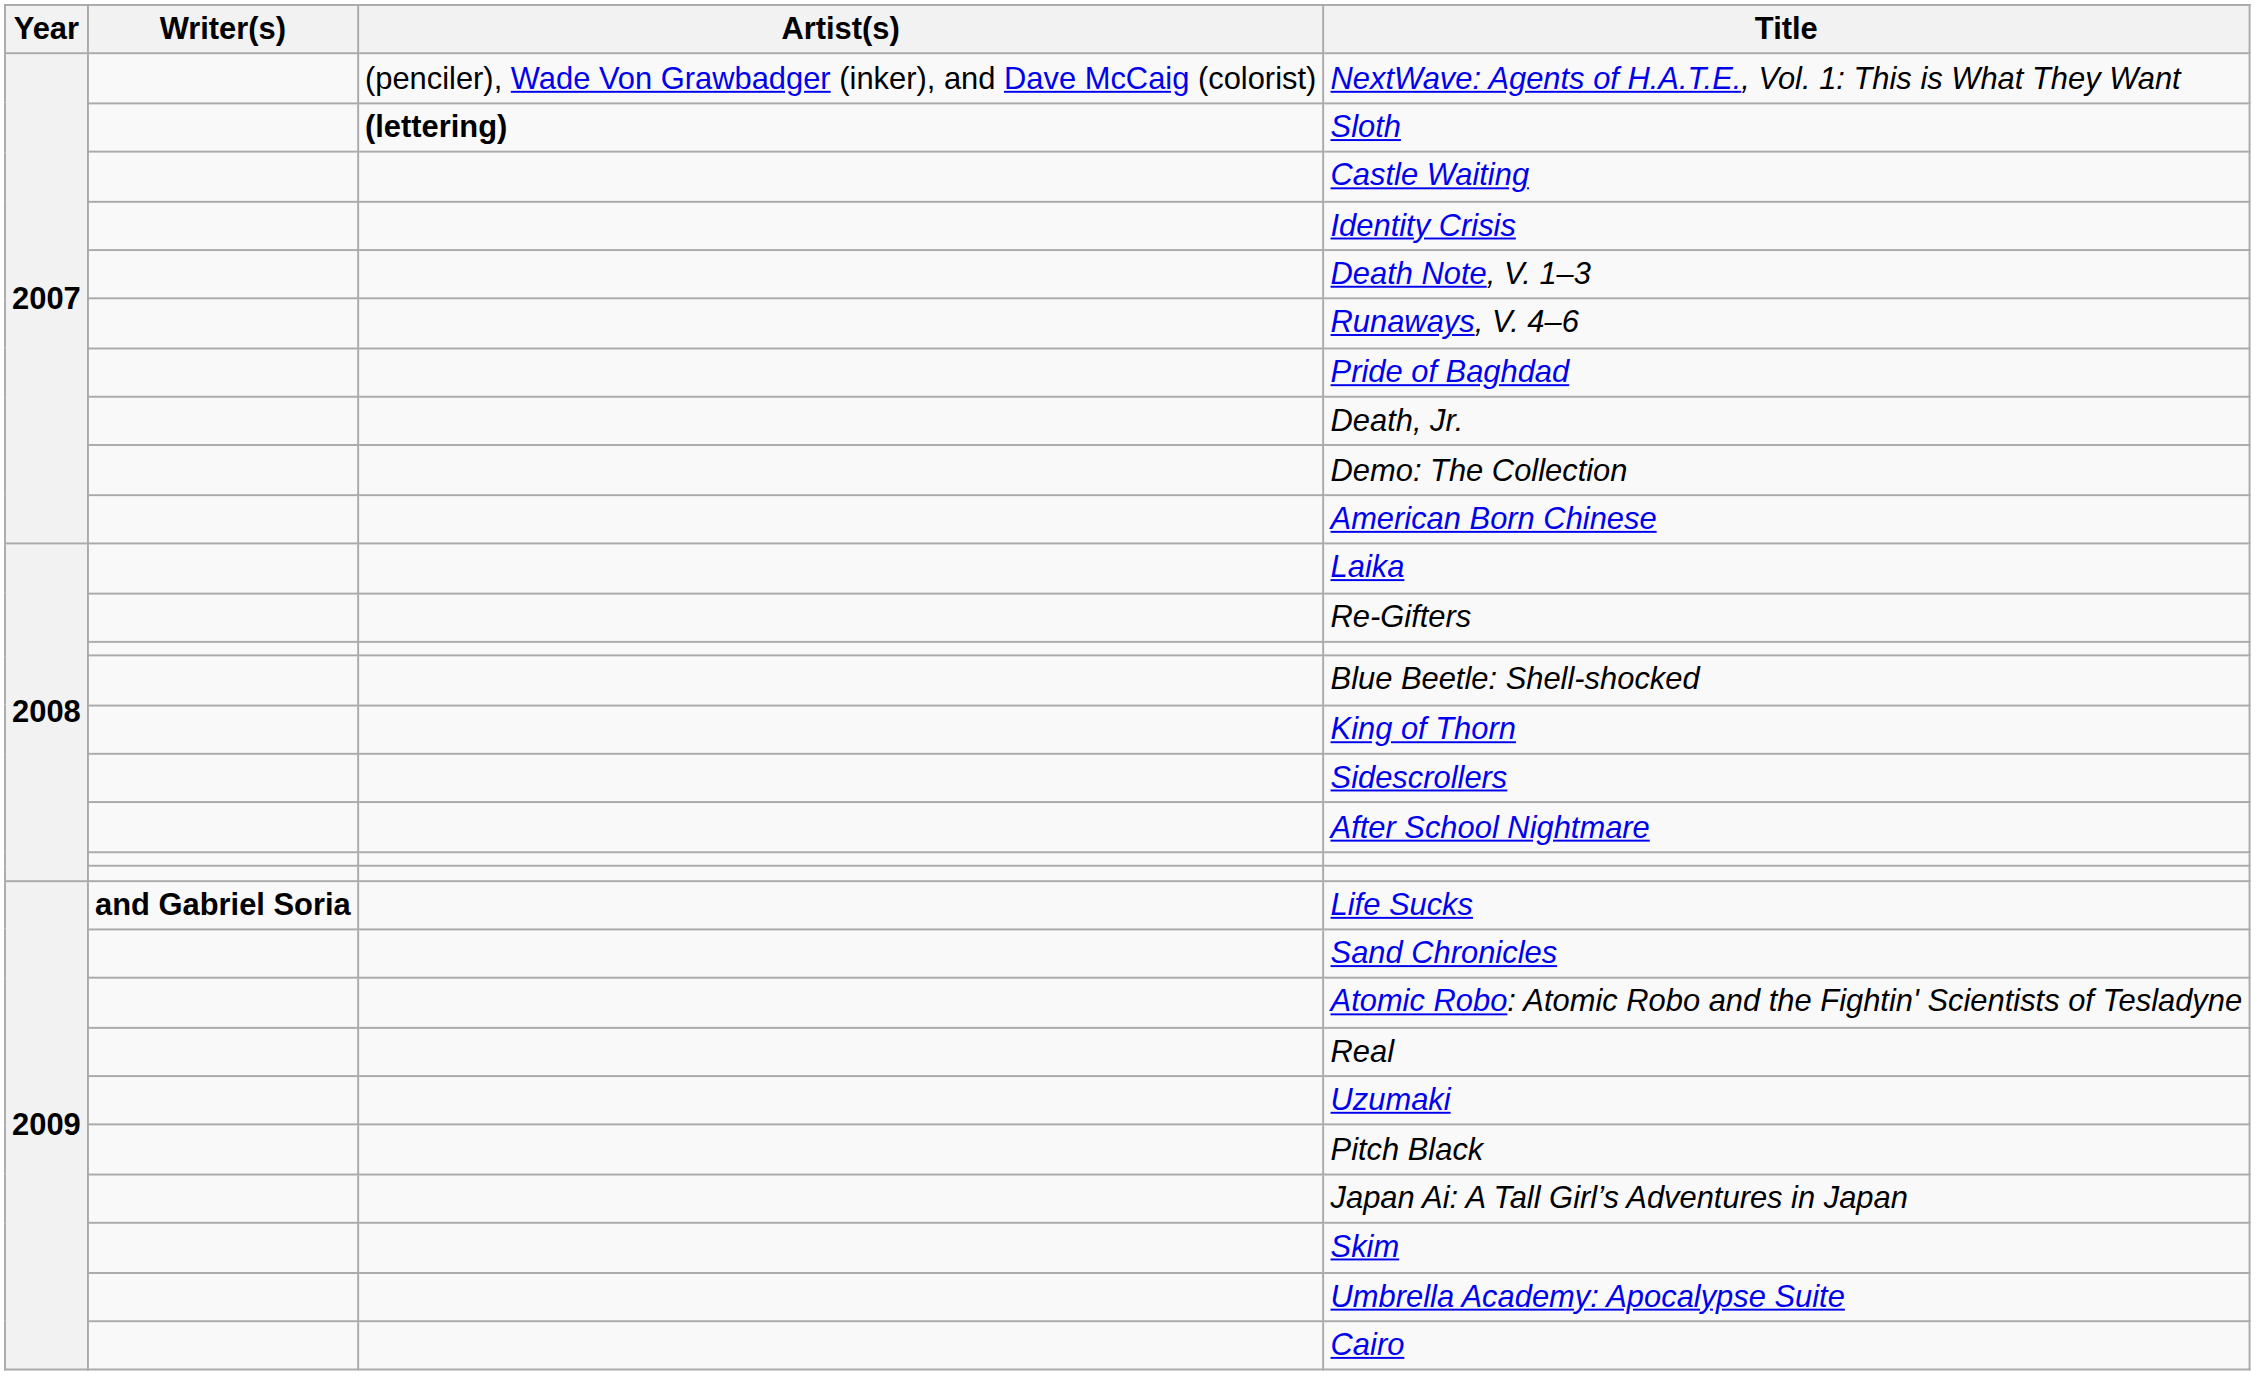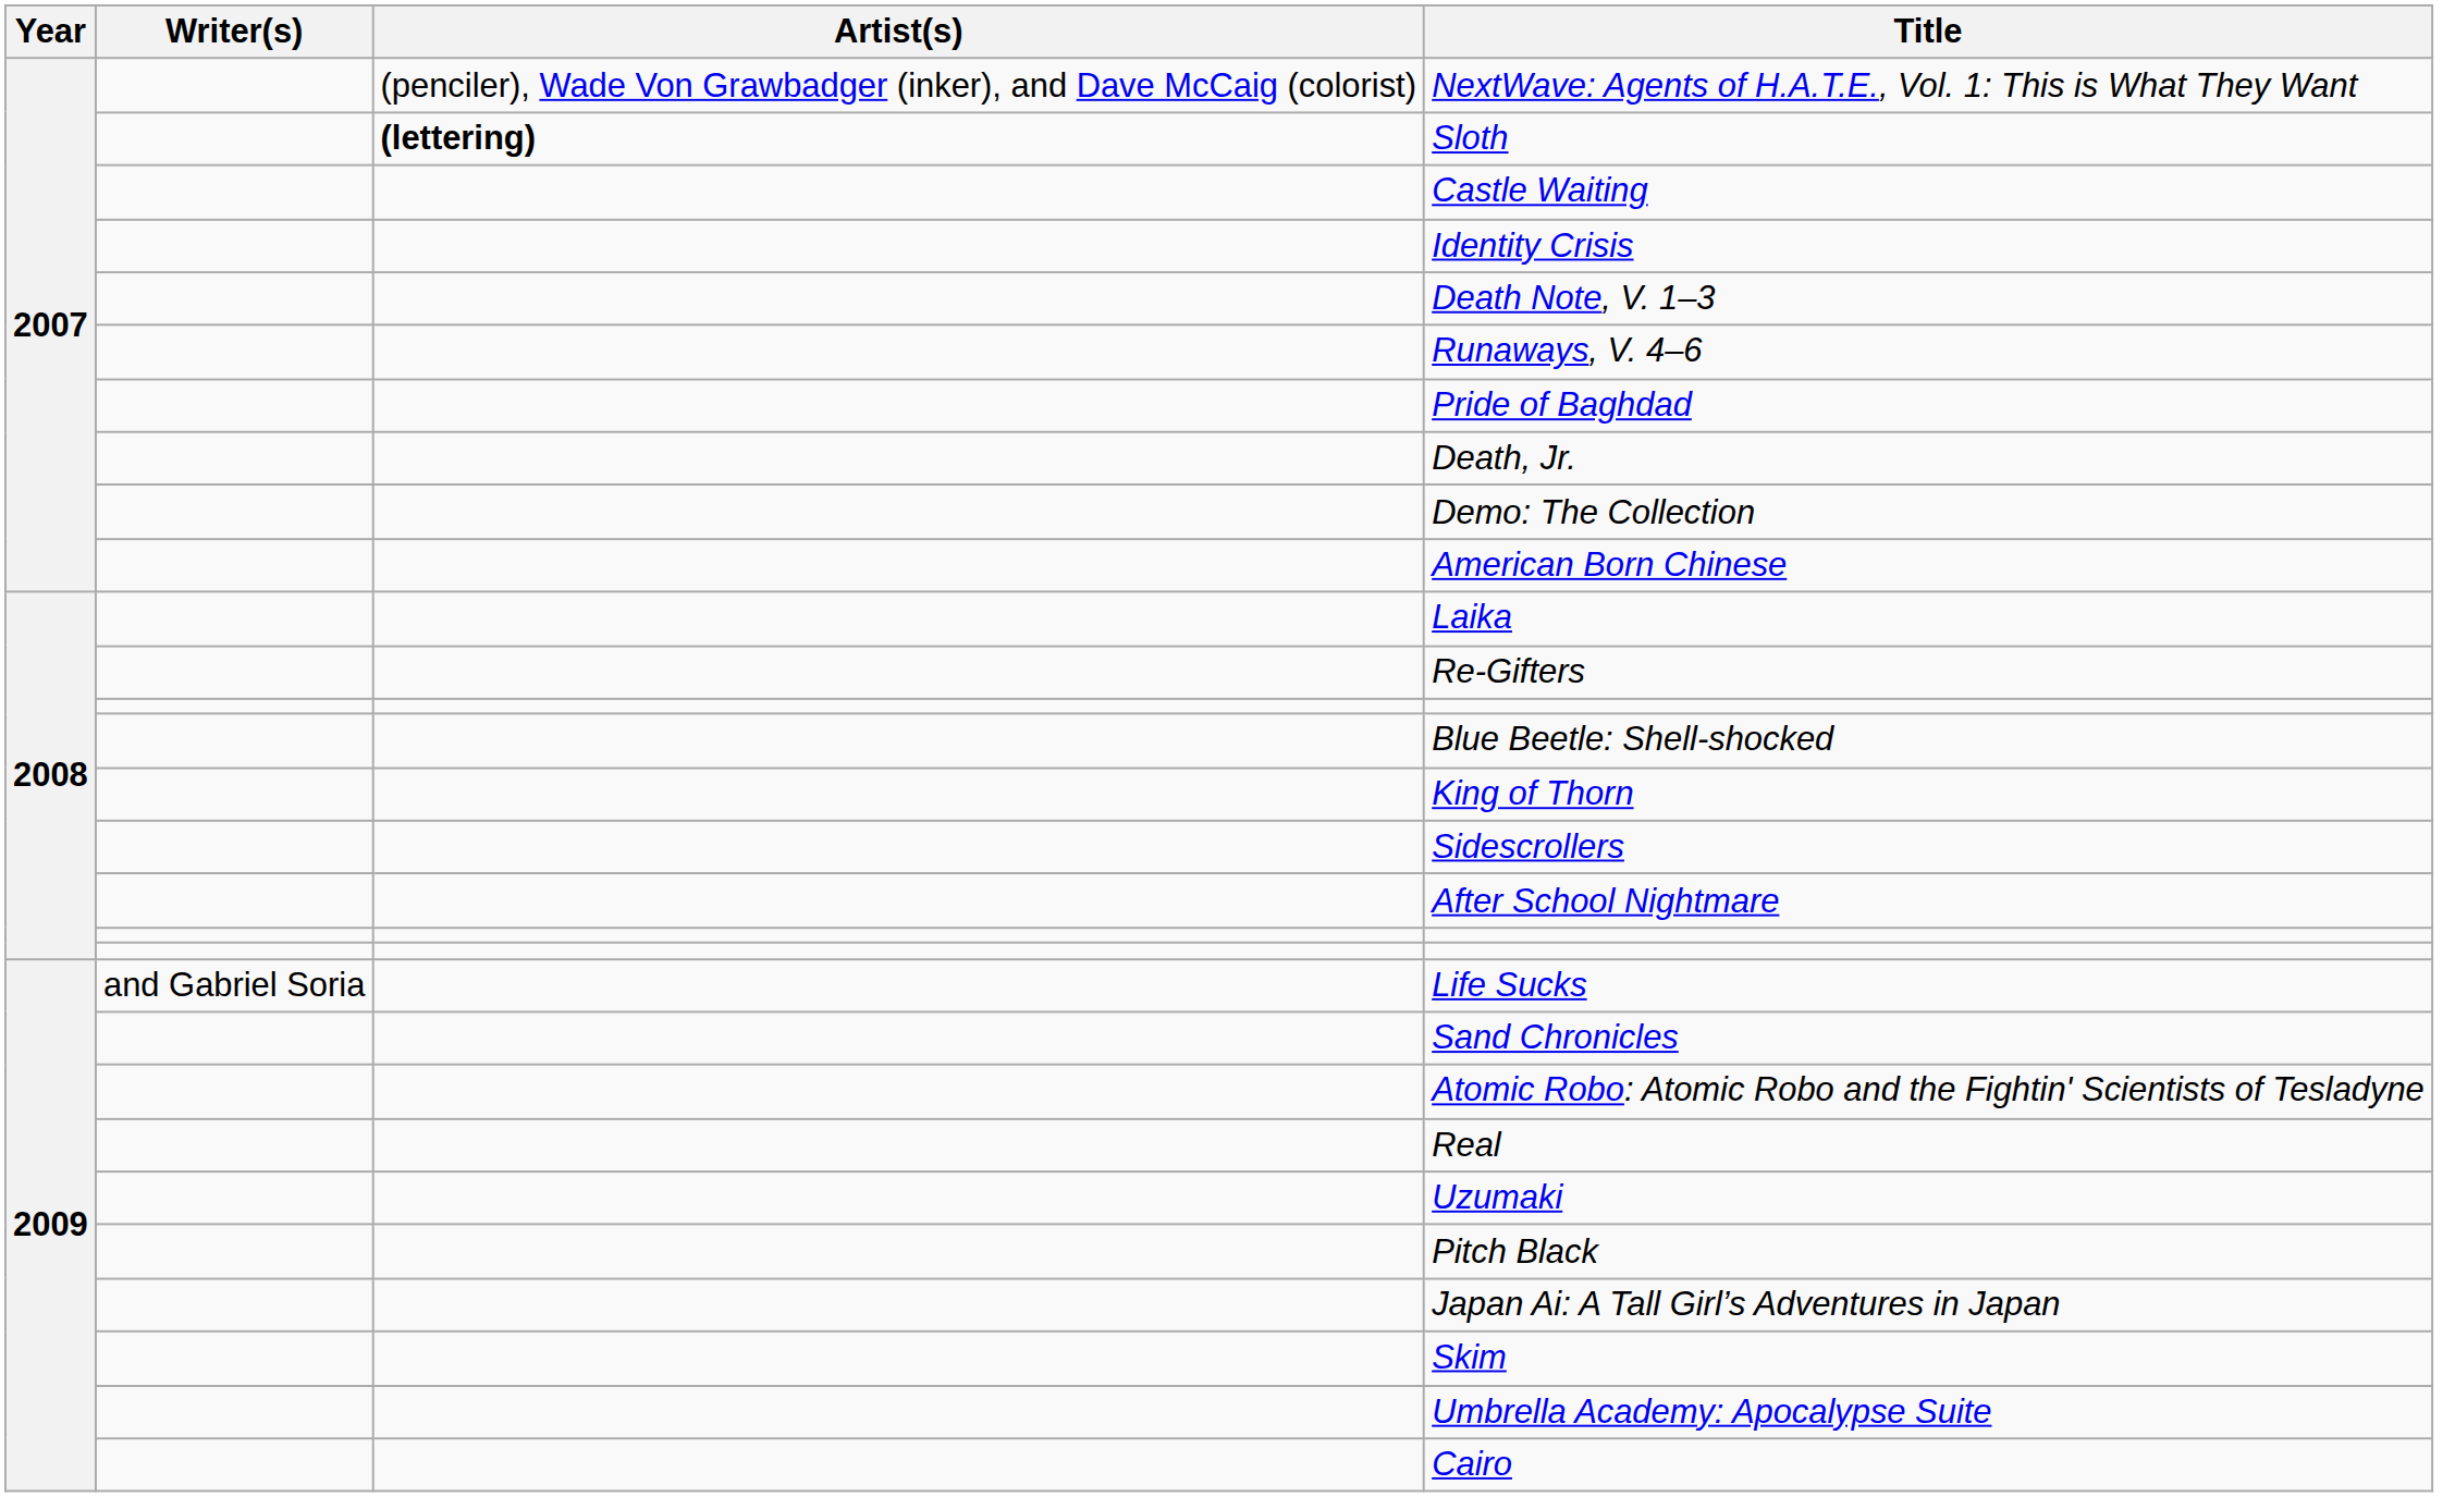 <table class="wikitable sortable mw-collapsible">
 <tr>
 <th>Year</th>
 <th>Writer(s)</th>
 <th>Artist(s)</th>
 <th>Title</th>
 </tr>
 <tr>
 <th rowspan="10">2007</th>
 <td></td>
 <td> (penciler), <a href='#'>Wade Von Grawbadger</a> (inker), and <a href='#'>Dave McCaig</a> (colorist)</td>
 <td><em><a href='#'>NextWave: Agents of H.A.T.E.</a>, Vol. 1: This is What They Want</em></td>
 </tr>
 <tr>
 <td></td>
 <td><strong> (lettering)</strong></td>
 <td><em><a href='#'>Sloth</a></em></td>
 </tr>
 <tr>
 <td></td>
 <td></td>
 <td><em><a href='#'>Castle Waiting</a></em></td>
 </tr>
 <tr>
 <td></td>
 <td></td>
 <td><em><a href='#'>Identity Crisis</a></em></td>
 </tr>
 <tr>
 <td></td>
 <td></td>
 <td><em><a href='#'>Death Note</a>, V. 1–3</em></td>
 </tr>
 <tr>
 <td></td>
 <td></td>
 <td><em><a href='#'>Runaways</a>, V. 4–6</em></td>
 </tr>
 <tr>
 <td></td>
 <td></td>
 <td><em><a href='#'>Pride of Baghdad</a></em></td>
 </tr>
 <tr>
 <td></td>
 <td></td>
 <td><em>Death, Jr.</em></td>
 </tr>
 <tr>
 <td></td>
 <td></td>
 <td><em>Demo: The Collection</em></td>
 </tr>
 <tr>
 <td></td>
 <td></td>
 <td><em><a href='#'>American Born Chinese</a></em></td>
 </tr>
 <tr>
 <th rowspan="9">2008</th>
 <td></td>
 <td></td>
 <td><em><a href='#'>Laika</a></em></td>
 </tr>
 <tr>
 <td></td>
 <td></td>
 <td><em>Re-Gifters</em></td>
 </tr>
 <tr>
 <td></td>
 <td></td>
 <td><em></em></td>
 </tr>
 <tr>
 <td></td>
 <td></td>
 <td><em>Blue Beetle: Shell-shocked</em></td>
 </tr>
 <tr>
 <td></td>
 <td></td>
 <td><em><a href='#'>King of Thorn</a></em></td>
 </tr>
 <tr>
 <td></td>
 <td></td>
 <td><em><a href='#'>Sidescrollers</a></em></td>
 </tr>
 <tr>
 <td></td>
 <td></td>
 <td><em><a href='#'>After School Nightmare</a></em></td>
 </tr>
 <tr>
 <td></td>
 <td></td>
 <td><em></em></td>
 </tr>
 <tr>
 <td></td>
 <td></td>
 <td><em></em></td>
 </tr>
 <tr>
 <th rowspan="10">2009</th>
-<td><strong> and Gabriel Soria</strong></td>
+<td> and Gabriel Soria</td>
 <td></td>
 <td><em><a href='#'>Life Sucks</a></em></td>
 </tr>
 <tr>
 <td></td>
 <td></td>
 <td><em><a href='#'>Sand Chronicles</a></em></td>
 </tr>
 <tr>
 <td></td>
 <td></td>
 <td><em><a href='#'>Atomic Robo</a>: Atomic Robo and the Fightin' Scientists of Tesladyne</em></td>
 </tr>
 <tr>
 <td></td>
 <td></td>
 <td><em>Real</em></td>
 </tr>
 <tr>
 <td></td>
 <td></td>
 <td><em><a href='#'>Uzumaki</a></em></td>
 </tr>
 <tr>
 <td></td>
 <td></td>
 <td><em>Pitch Black</em></td>
 </tr>
 <tr>
 <td></td>
 <td></td>
 <td><em>Japan Ai: A Tall Girl’s Adventures in Japan</em></td>
 </tr>
 <tr>
 <td></td>
 <td></td>
 <td><em><a href='#'>Skim</a></em></td>
 </tr>
 <tr>
 <td></td>
 <td></td>
 <td><em><a href='#'>Umbrella Academy: Apocalypse Suite</a></em></td>
 </tr>
 <tr>
 <td></td>
 <td></td>
 <td><em><a href='#'>Cairo</a></em></td>
 </tr>
 </table>
